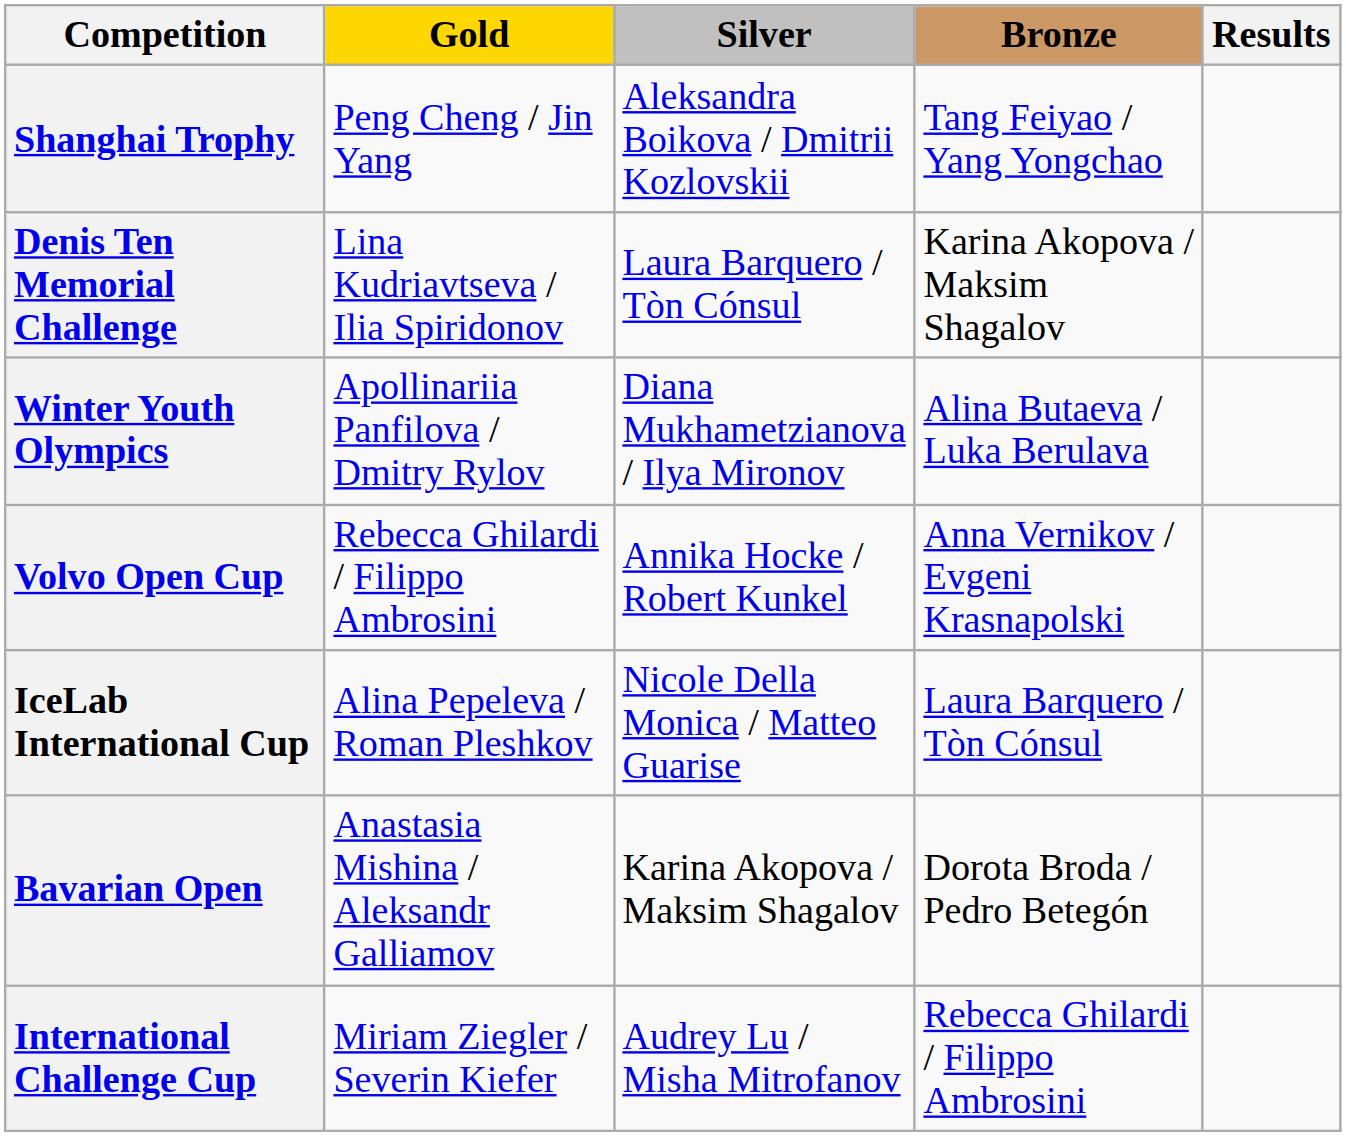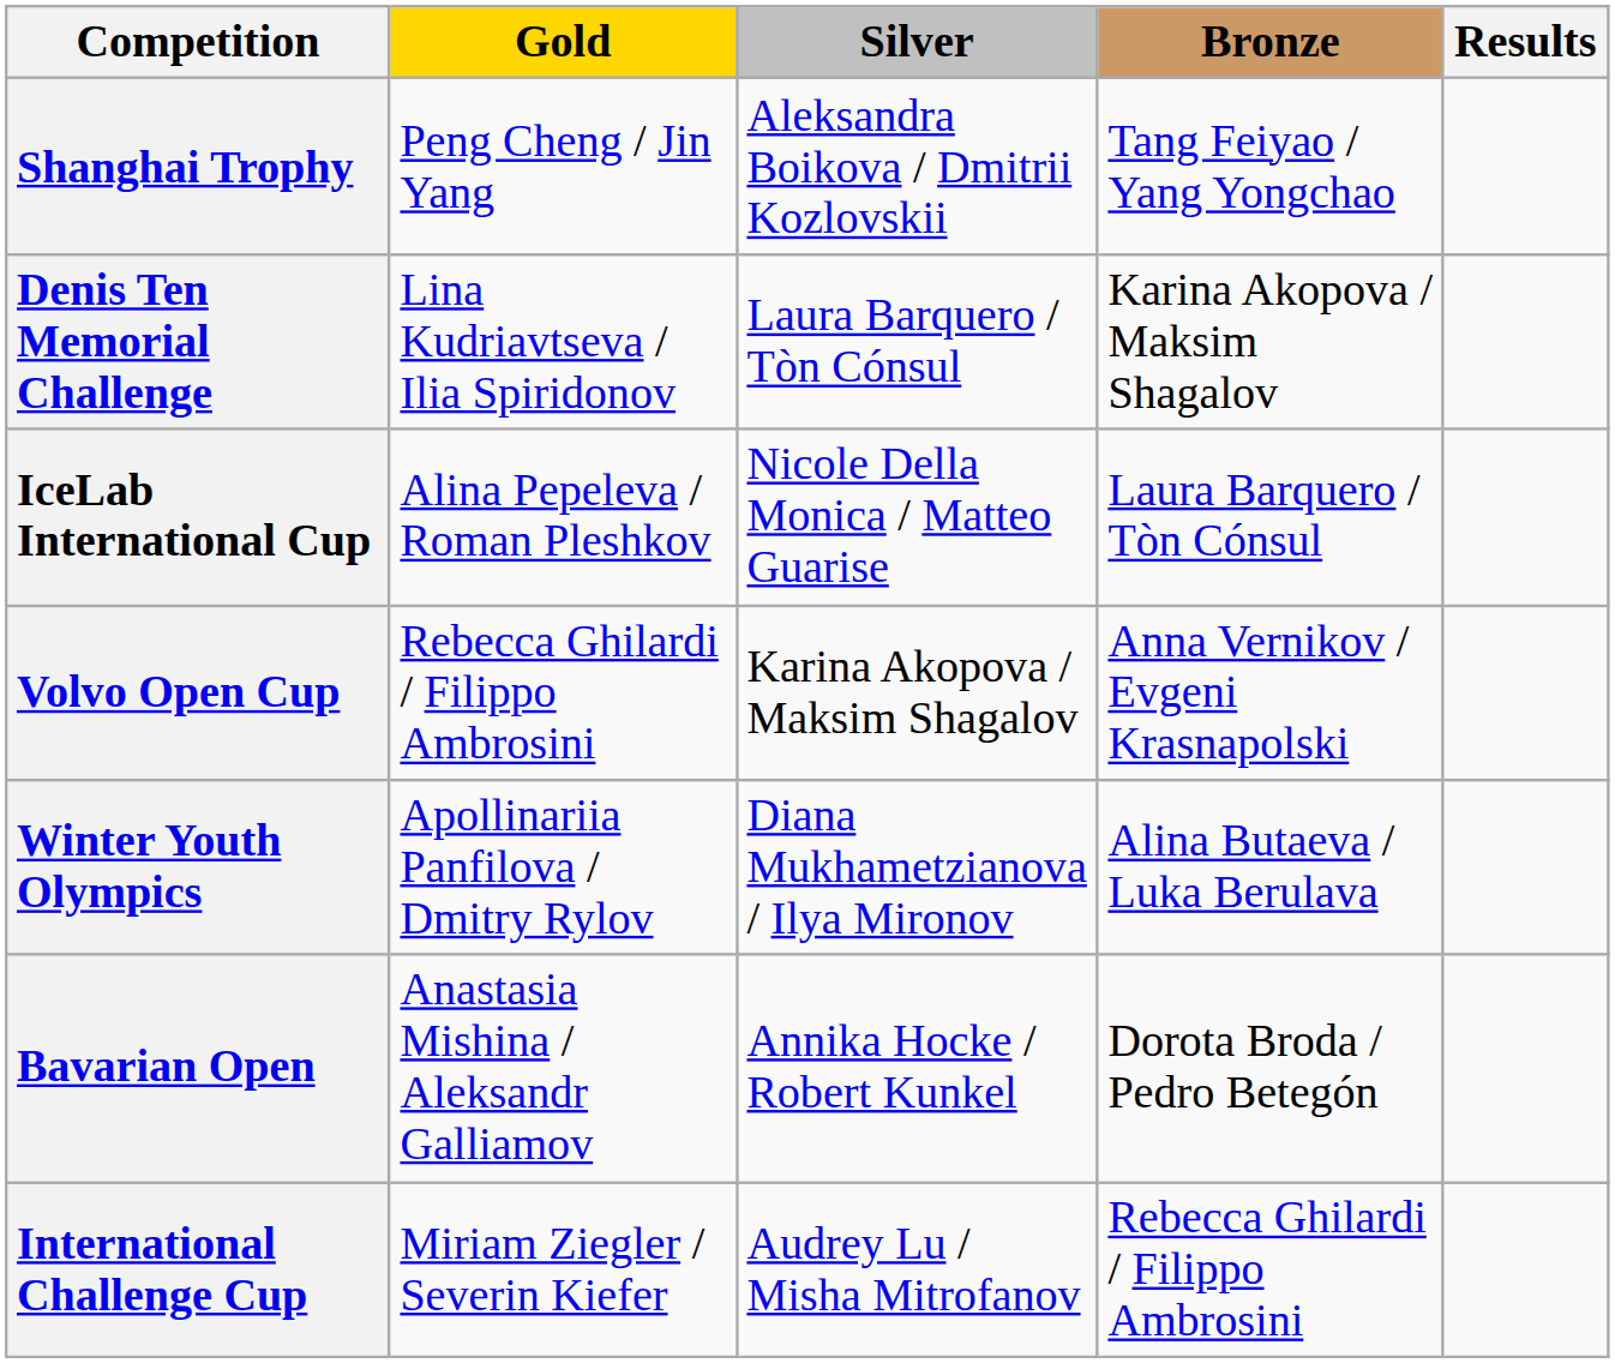 <table class="wikitable unsortable" style="text-align:left; width:90%;">
 <tr>
 <th scope="col" style="text-align:center; width:25%;">Competition</th>
 <td scope="col" style="text-align:center; width:22.5%; background:gold"><strong>Gold</strong></td>
 <td scope="col" style="text-align:center; width:22.5%; background:silver"><strong>Silver</strong></td>
 <td scope="col" style="text-align:center; width:22.5%; background:#c96"><strong>Bronze</strong></td>
 <th scope="col" style="text-align:center; width:7.5%;">Results</th>
 </tr>
 <tr>
 <th scope="row" style="text-align:left"> <a href='#'>Shanghai Trophy</a></th>
 <td> <a href='#'>Peng Cheng</a> / <a href='#'>Jin Yang</a></td>
 <td> <a href='#'>Aleksandra Boikova</a> / <a href='#'>Dmitrii Kozlovskii</a></td>
 <td> <a href='#'>Tang Feiyao</a> / <a href='#'>Yang Yongchao</a></td>
 <td></td>
 </tr>
 <tr>
 <th scope="row" style="text-align:left"> <a href='#'>Denis Ten Memorial Challenge</a></th>
 <td> <a href='#'>Lina Kudriavtseva</a> / <a href='#'>Ilia Spiridonov</a></td>
 <td> <a href='#'>Laura Barquero</a> / <a href='#'>Tòn Cónsul</a></td>
 <td> Karina Akopova / Maksim Shagalov</td>
 <td></td>
 </tr>
 <tr>
+<th scope="row" style="text-align:left"> IceLab International Cup</th>
+<td> <a href='#'>Alina Pepeleva</a> / <a href='#'>Roman Pleshkov</a></td>
+<td> <a href='#'>Nicole Della Monica</a> / <a href='#'>Matteo Guarise</a></td>
+<td> <a href='#'>Laura Barquero</a> / <a href='#'>Tòn Cónsul</a></td>
+<td></td>
+</tr>
+<tr>
+<th scope="row" style="text-align:left"> <a href='#'>Volvo Open Cup</a></th>
+<td> <a href='#'>Rebecca Ghilardi</a> / <a href='#'>Filippo Ambrosini</a></td>
+<td> Karina Akopova / Maksim Shagalov</td>
+<td> <a href='#'>Anna Vernikov</a> / <a href='#'>Evgeni Krasnapolski</a></td>
+<td></td>
+</tr>
+<tr>
 <th scope="row" style="text-align:left"> <a href='#'>Winter Youth Olympics</a></th>
 <td> <a href='#'>Apollinariia Panfilova</a> / <a href='#'>Dmitry Rylov</a></td>
 <td> <a href='#'>Diana Mukhametzianova</a> / <a href='#'>Ilya Mironov</a></td>
 <td> <a href='#'>Alina Butaeva</a> / <a href='#'>Luka Berulava</a></td>
 <td></td>
 </tr>
 <tr>
-<th scope="row" style="text-align:left"> <a href='#'>Volvo Open Cup</a></th>
-<td> <a href='#'>Rebecca Ghilardi</a> / <a href='#'>Filippo Ambrosini</a></td>
-<td> <a href='#'>Annika Hocke</a> / <a href='#'>Robert Kunkel</a></td>
-<td> <a href='#'>Anna Vernikov</a> / <a href='#'>Evgeni Krasnapolski</a></td>
-<td></td>
-</tr>
-<tr>
-<th scope="row" style="text-align:left"> IceLab International Cup</th>
-<td> <a href='#'>Alina Pepeleva</a> / <a href='#'>Roman Pleshkov</a></td>
-<td> <a href='#'>Nicole Della Monica</a> / <a href='#'>Matteo Guarise</a></td>
-<td> <a href='#'>Laura Barquero</a> / <a href='#'>Tòn Cónsul</a></td>
-<td></td>
-</tr>
-<tr>
 <th scope="row" style="text-align:left"> <a href='#'>Bavarian Open</a></th>
 <td> <a href='#'>Anastasia Mishina</a> / <a href='#'>Aleksandr Galliamov</a></td>
-<td> Karina Akopova / Maksim Shagalov</td>
+<td> <a href='#'>Annika Hocke</a> / <a href='#'>Robert Kunkel</a></td>
 <td> Dorota Broda / Pedro Betegón</td>
 <td></td>
 </tr>
 <tr>
 <th scope="row" style="text-align:left"> <a href='#'>International Challenge Cup</a></th>
 <td> <a href='#'>Miriam Ziegler</a> / <a href='#'>Severin Kiefer</a></td>
 <td> <a href='#'>Audrey Lu</a> / <a href='#'>Misha Mitrofanov</a></td>
 <td> <a href='#'>Rebecca Ghilardi</a> / <a href='#'>Filippo Ambrosini</a></td>
 <td></td>
 </tr>
 </table>
